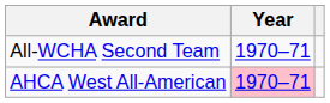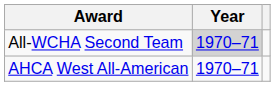 <table class="wikitable">
 <tr>
 <th>Award</th>
 <th>Year</th>
 <th></th>
 </tr>
 <tr>
 <td>All-<a href='#'>WCHA</a> <a href='#'>Second Team</a></td>
-<td><a href='#'>1970–71</a></td>
+<td style="background: lightgrey;"><a href='#'>1970–71</a></td>
 <td></td>
 </tr>
 <tr>
 <td><a href='#'>AHCA</a> <a href='#'>West All-American</a></td>
-<td style="background: pink;"><a href='#'>1970–71</a></td>
+<td><a href='#'>1970–71</a></td>
 <td></td>
 </tr>
 </table>
